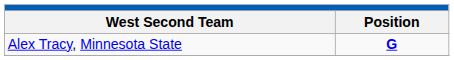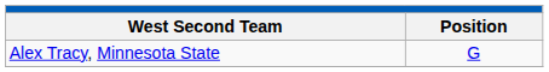 <table class="wikitable" width=40%>
 <tr>
 <th style="color:white; background:#005EB8" colspan=2><a href='#'></a></th>
 </tr>
 <tr>
 <th>West Second Team</th>
 <th>Position</th>
 </tr>
 <tr>
 <td><a href='#'>Alex Tracy</a>, <a href='#'>Minnesota State</a></td>
-<td align=center><strong><a href='#'>G</a></strong></td>
+<td align=center><a href='#'>G</a></td>
 </tr>
 <tr>
 </tr>
 </table>
